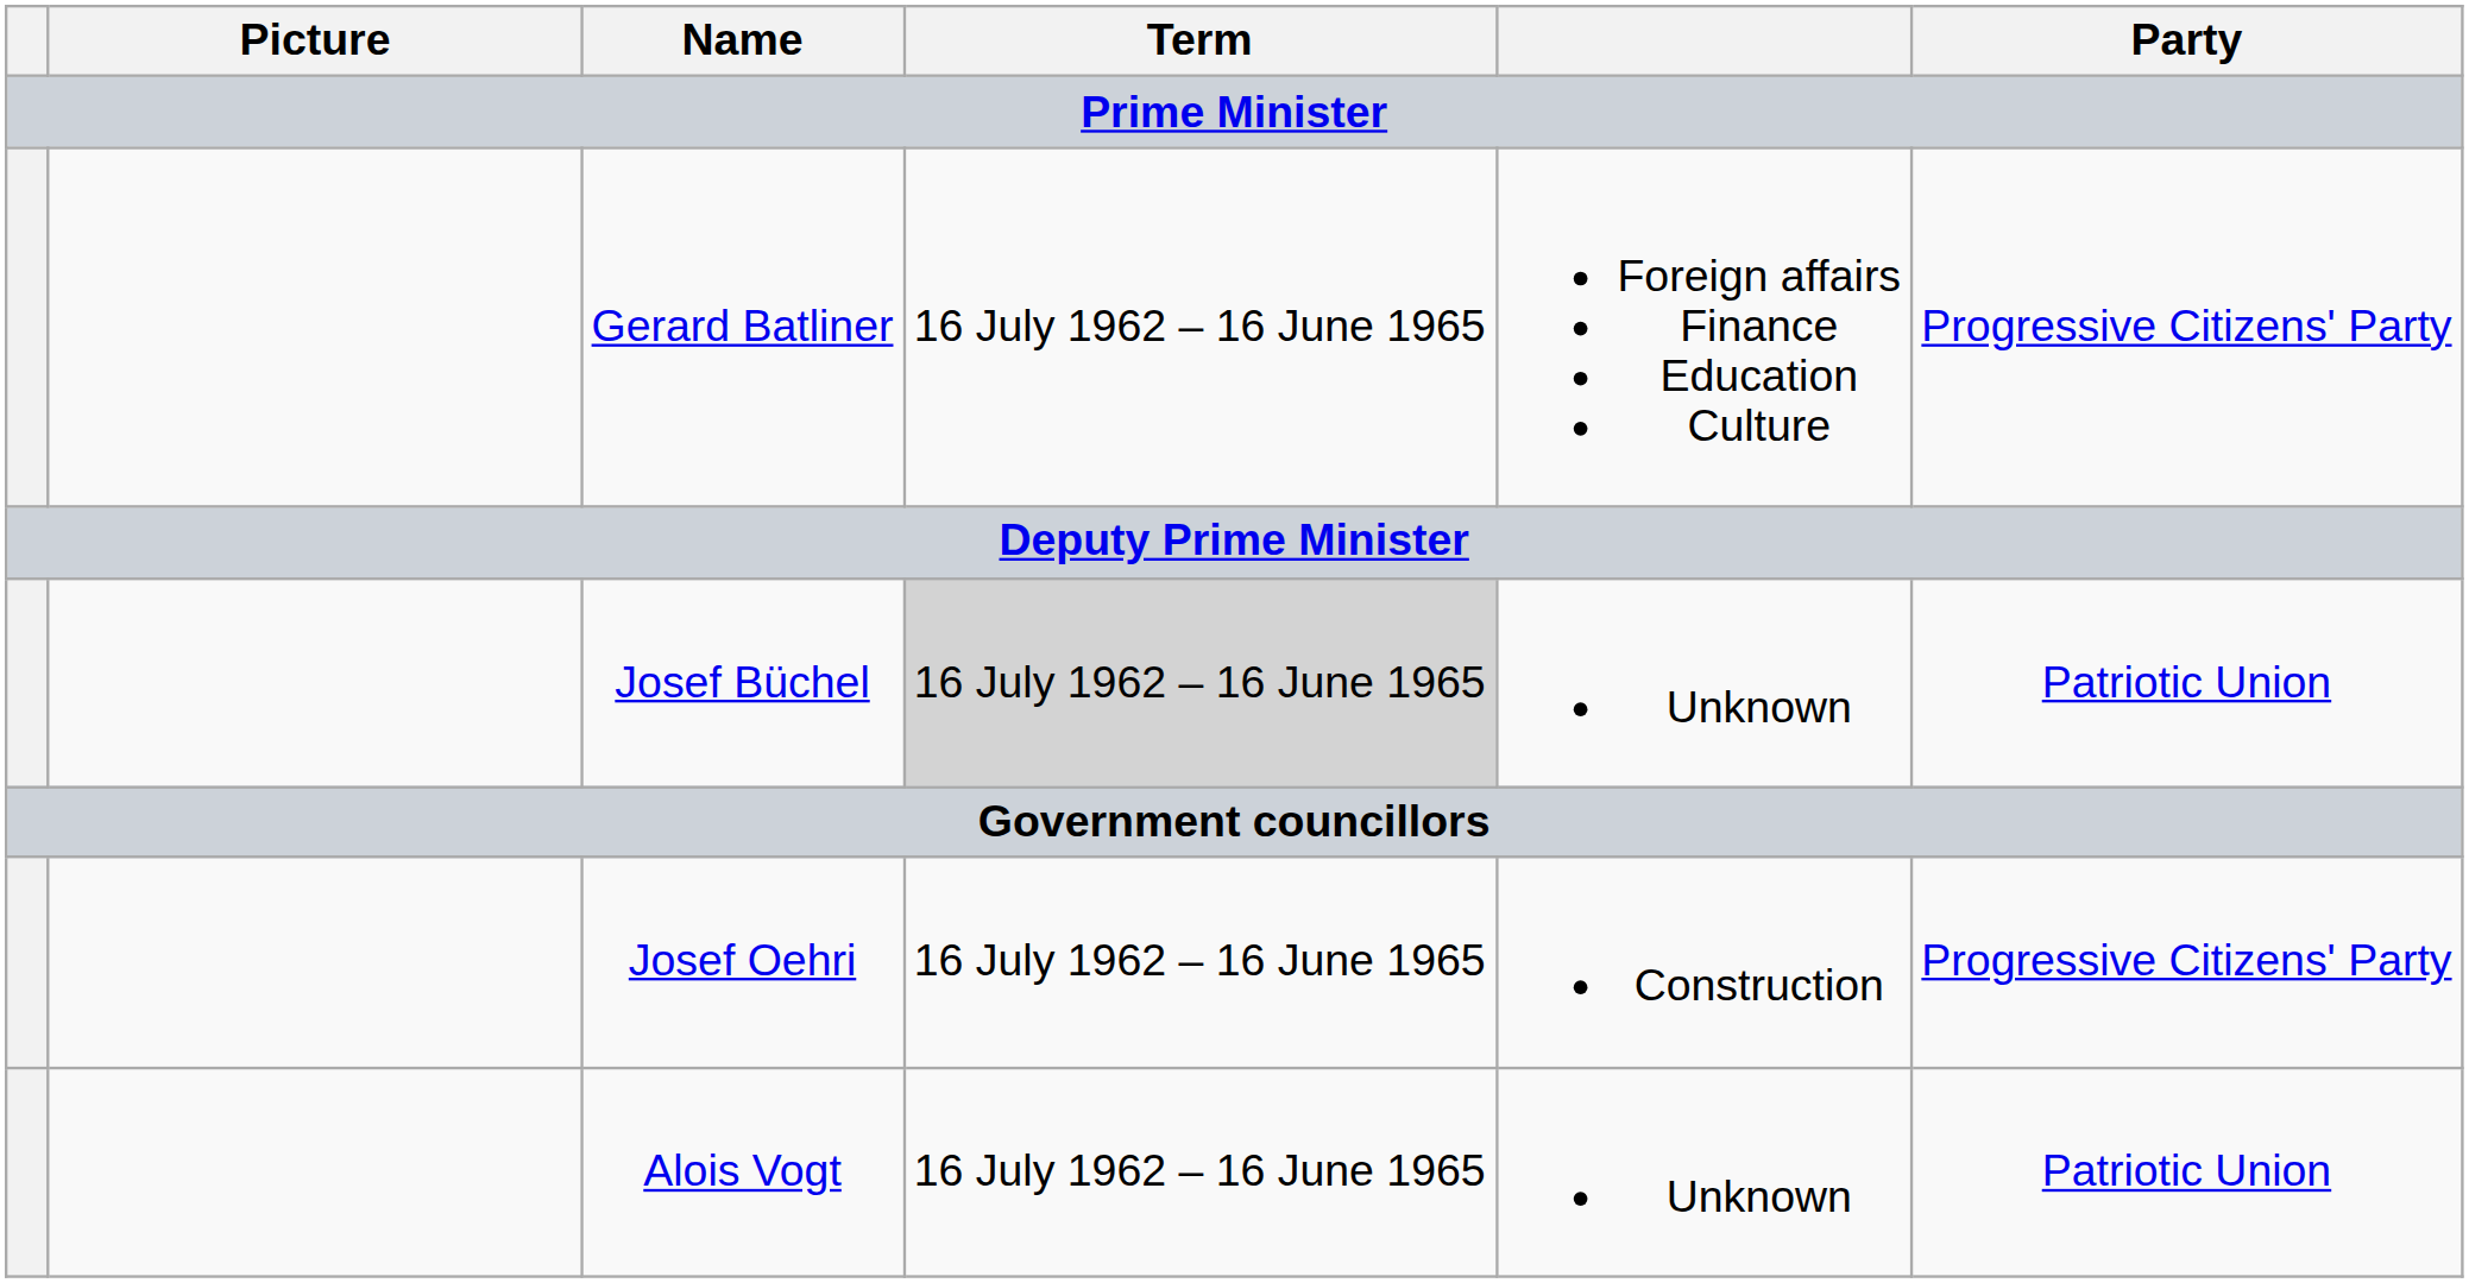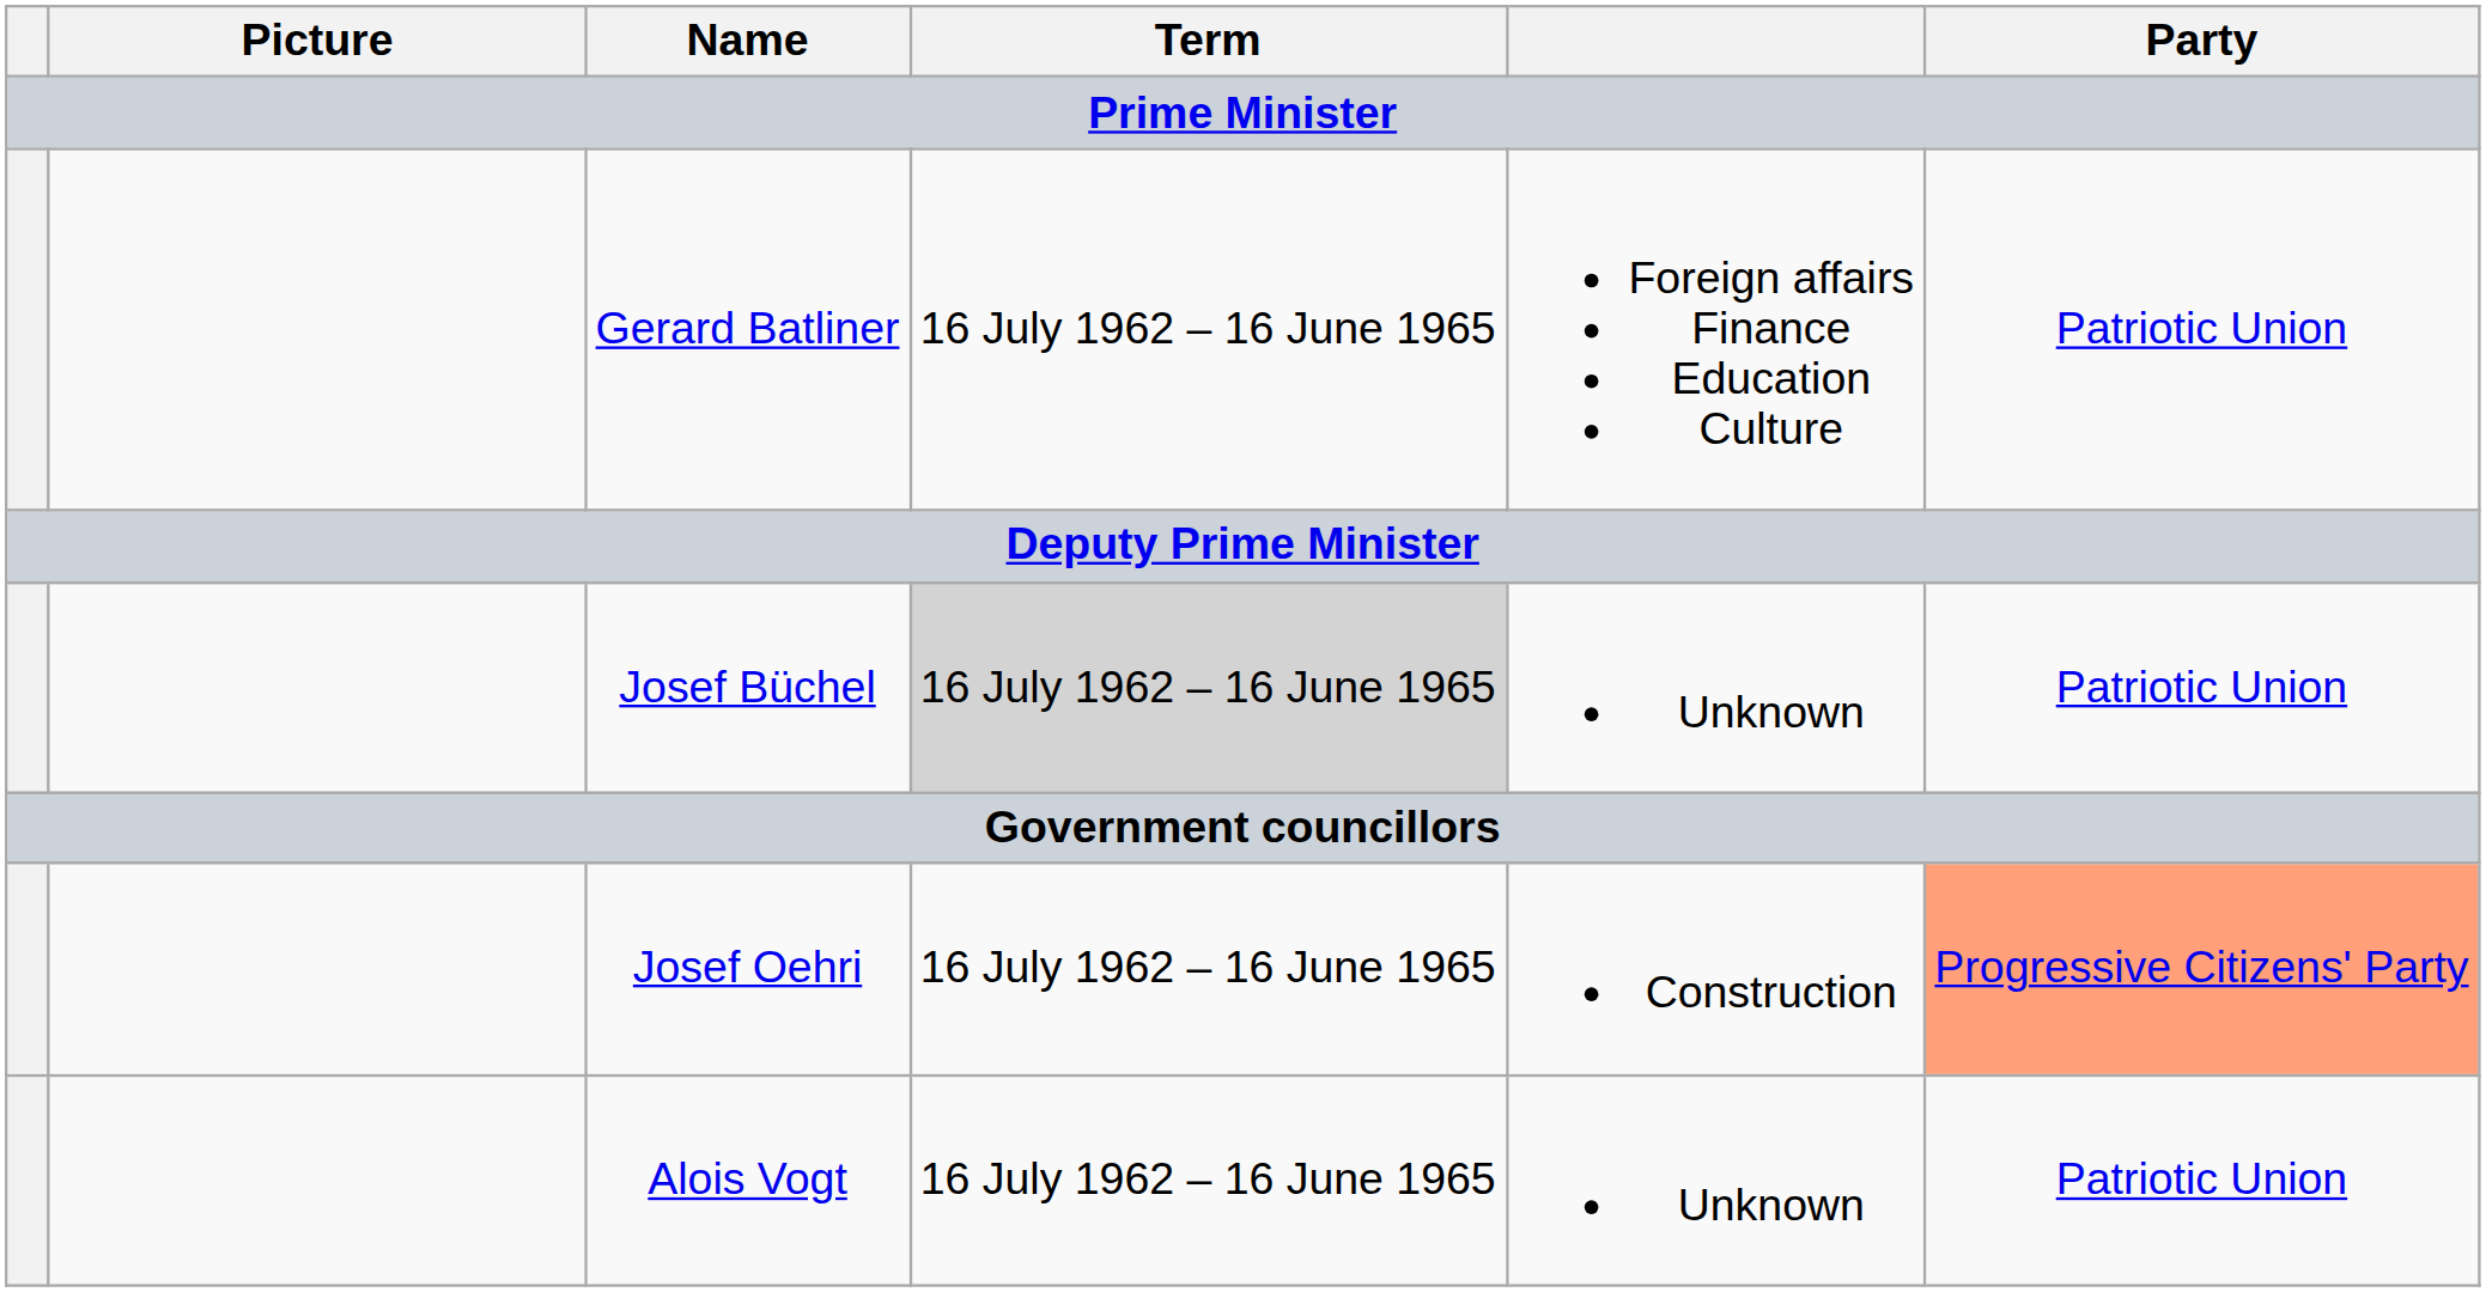 <table class="wikitable" style="text-align:center">
 <tr>
 <th style="width: 0.5em"></th>
 <th style="width: 11.5em"><strong>Picture</strong></th>
 <th><strong>Name</strong></th>
 <th><strong>Term</strong></th>
 <th></th>
 <th><strong>Party</strong></th>
 </tr>
 <tr>
 <th colspan="7" style="background:#CCD2D9"><a href='#'>Prime Minister</a></th>
 </tr>
 <tr>
 <th style="background:"></th>
 <td></td>
 <td><a href='#'>Gerard Batliner</a></td>
 <td style="text-align:left">16 July 1962 – 16 June 1965</td>
 <td><br><ul><li>Foreign affairs</li><li>Finance</li><li>Education</li><li>Culture</li></ul></td>
-<td><a href='#'>Progressive Citizens' Party</a></td>
+<td><a href='#'>Patriotic Union</a></td>
 </tr>
 <tr>
 <th colspan="7" style="background:#CCD2D9"><a href='#'>Deputy Prime Minister</a></th>
 </tr>
 <tr>
 <th style="background:"></th>
 <td></td>
 <td><a href='#'>Josef Büchel</a></td>
 <td style="background: lightgrey;">16 July 1962 – 16 June 1965</td>
 <td><br><ul><li>Unknown</li></ul></td>
 <td><a href='#'>Patriotic Union</a></td>
 </tr>
 <tr>
 <th colspan="7" style="background:#CCD2D9">Government councillors</th>
 </tr>
 <tr>
 <th style="background:"></th>
 <td></td>
 <td><a href='#'>Josef Oehri</a></td>
 <td>16 July 1962 – 16 June 1965</td>
 <td><br><ul><li>Construction</li></ul></td>
-<td><a href='#'>Progressive Citizens' Party</a></td>
+<td style="background: lightsalmon;"><a href='#'>Progressive Citizens' Party</a></td>
 </tr>
 <tr>
 <th style="background:"></th>
 <td></td>
 <td><a href='#'>Alois Vogt</a></td>
 <td style="text-align:left">16 July 1962 – 16 June 1965</td>
 <td><br><ul><li>Unknown</li></ul></td>
 <td><a href='#'>Patriotic Union</a></td>
 </tr>
 </table>
